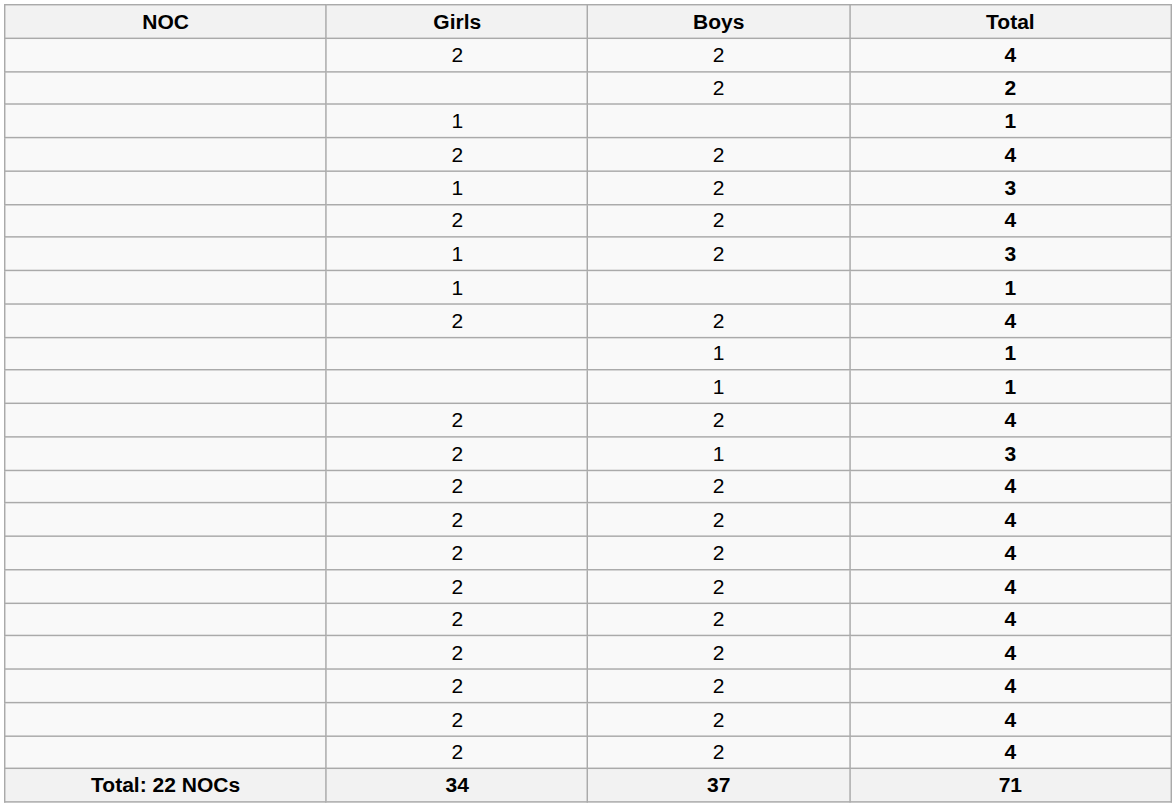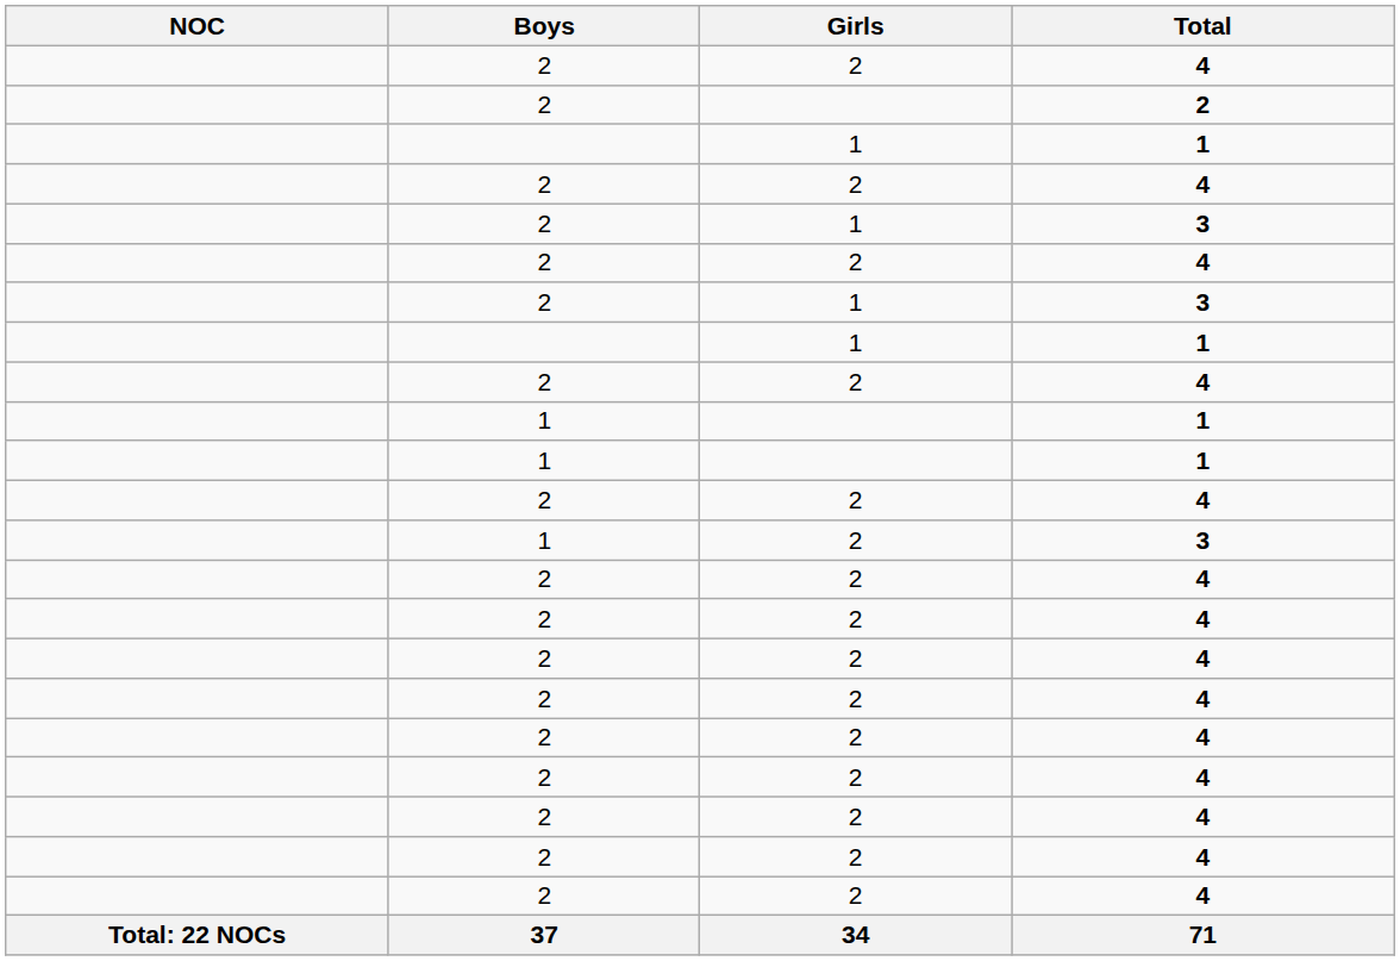 <table class="wikitable collapsible sortable"  style="width:800px; text-align:center; font-size:90%;">
 <tr>
 <th style="text-align:center; width:100px;"><strong>NOC</strong></th>
+<th width=80><strong>Boys</strong></th>
 <th width=80><strong>Girls</strong></th>
-<th width=80><strong>Boys</strong></th>
 <th width=100><strong>Total</strong></th>
 </tr>
 <tr>
 <td align=left></td>
 <td>2</td>
 <td>2</td>
 <td><strong>4</strong></td>
 </tr>
 <tr>
 <td align=left></td>
+<td>2</td>
 <td></td>
+<td><strong>2</strong></td>
+</tr>
+<tr>
+<td align=left></td>
+<td></td>
+<td>1</td>
+<td><strong>1</strong></td>
+</tr>
+<tr>
+<td align=left></td>
 <td>2</td>
-<td><strong>2</strong></td>
+<td>2</td>
+<td><strong>4</strong></td>
+</tr>
+<tr>
+<td align=left></td>
+<td>2</td>
+<td>1</td>
+<td><strong>3</strong></td>
+</tr>
+<tr>
+<td align=left></td>
+<td>2</td>
+<td>2</td>
+<td><strong>4</strong></td>
+</tr>
+<tr>
+<td align=left></td>
+<td>2</td>
+<td>1</td>
+<td><strong>3</strong></td>
+</tr>
+<tr>
+<td align=left></td>
+<td></td>
+<td>1</td>
+<td><strong>1</strong></td>
+</tr>
+<tr>
+<td align=left></td>
+<td>2</td>
+<td>2</td>
+<td><strong>4</strong></td>
+</tr>
+<tr>
+<td align=left></td>
+<td>1</td>
+<td></td>
+<td><strong>1</strong></td>
 </tr>
 <tr>
 <td align=left></td>
 <td>1</td>
 <td></td>
 <td><strong>1</strong></td>
 </tr>
 <tr>
 <td align=left></td>
 <td>2</td>
 <td>2</td>
 <td><strong>4</strong></td>
 </tr>
 <tr>
 <td align=left></td>
 <td>1</td>
 <td>2</td>
-<td><strong>3</strong></td>
-</tr>
-<tr>
-<td align=left></td>
-<td>2</td>
-<td>2</td>
-<td><strong>4</strong></td>
-</tr>
-<tr>
-<td align=left></td>
-<td>1</td>
-<td>2</td>
-<td><strong>3</strong></td>
-</tr>
-<tr>
-<td align=left></td>
-<td>1</td>
-<td></td>
-<td><strong>1</strong></td>
-</tr>
-<tr>
-<td align=left></td>
-<td>2</td>
-<td>2</td>
-<td><strong>4</strong></td>
-</tr>
-<tr>
-<td align=left></td>
-<td></td>
-<td>1</td>
-<td><strong>1</strong></td>
-</tr>
-<tr>
-<td align=left></td>
-<td></td>
-<td>1</td>
-<td><strong>1</strong></td>
-</tr>
-<tr>
-<td align=left></td>
-<td>2</td>
-<td>2</td>
-<td><strong>4</strong></td>
-</tr>
-<tr>
-<td align=left></td>
-<td>2</td>
-<td>1</td>
 <td><strong>3</strong></td>
 </tr>
 <tr>
 <td align=left></td>
 <td>2</td>
 <td>2</td>
 <td><strong>4</strong></td>
 </tr>
 <tr>
 <td align=left></td>
 <td>2</td>
 <td>2</td>
 <td><strong>4</strong></td>
 </tr>
 <tr>
 <td align=left></td>
 <td>2</td>
 <td>2</td>
 <td><strong>4</strong></td>
 </tr>
 <tr>
 <td align=left></td>
 <td>2</td>
 <td>2</td>
 <td><strong>4</strong></td>
 </tr>
 <tr>
 <td align=left></td>
 <td>2</td>
 <td>2</td>
 <td><strong>4</strong></td>
 </tr>
 <tr>
 <td align=left></td>
 <td>2</td>
 <td>2</td>
 <td><strong>4</strong></td>
 </tr>
 <tr>
 <td align=left></td>
 <td>2</td>
 <td>2</td>
 <td><strong>4</strong></td>
 </tr>
 <tr>
 <td align=left></td>
 <td>2</td>
 <td>2</td>
 <td><strong>4</strong></td>
 </tr>
 <tr>
 <td align=left></td>
 <td>2</td>
 <td>2</td>
 <td><strong>4</strong></td>
 </tr>
 <tr>
 <th>Total: 22 NOCs</th>
+<th>37</th>
 <th>34</th>
-<th>37</th>
 <th><strong>71</strong></th>
 </tr>
 </table>
